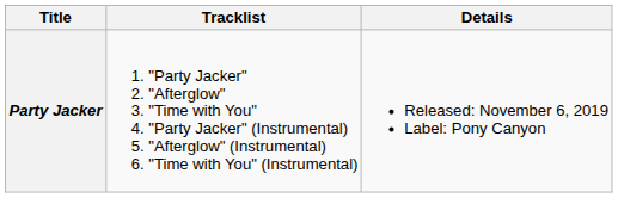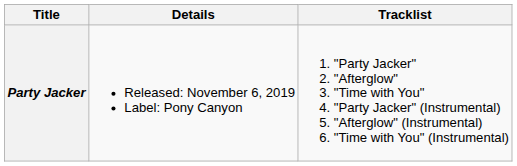 <table class="wikitable plainrowheaders">
 <tr>
 <th>Title</th>
+<th>Details</th>
 <th>Tracklist</th>
-<th>Details</th>
 </tr>
 <tr>
 <th scope="row"><em>Party Jacker</em></th>
+<td><br><ul><li>Released: November 6, 2019</li><li>Label: Pony Canyon</li></ul></td>
 <td><br><ol><li>"Party Jacker"</li><li>"Afterglow"</li><li>"Time with You"</li><li>"Party Jacker" (Instrumental)</li><li>"Afterglow" (Instrumental)</li><li>"Time with You" (Instrumental)</li></ol></td>
-<td><br><ul><li>Released: November 6, 2019</li><li>Label: Pony Canyon</li></ul></td>
 </tr>
 </table>
